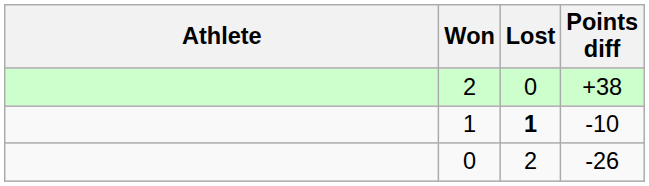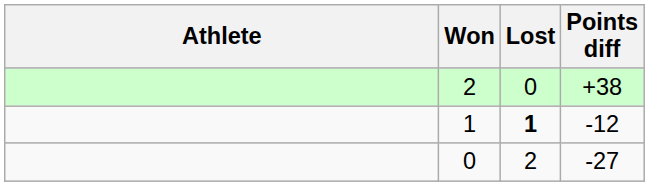 <table class="wikitable">
 <tr>
 <th style="width:18em">Athlete</th>
 <th>Won</th>
 <th>Lost</th>
 <th>Points<br>diff</th>
 </tr>
 <tr bgcolor="#ccffcc">
 <td></td>
 <td align="center">2</td>
 <td align="center">0</td>
 <td align="center">+38</td>
 </tr>
 <tr>
 <td></td>
 <td align="center">1</td>
 <td align="center"><strong>1</strong></td>
-<td align="center">-10</td>
+<td align="center">-12</td>
 </tr>
 <tr>
 <td></td>
 <td align="center">0</td>
 <td align="center">2</td>
-<td align="center">-26</td>
+<td align="center">-27</td>
 </tr>
 </table>
